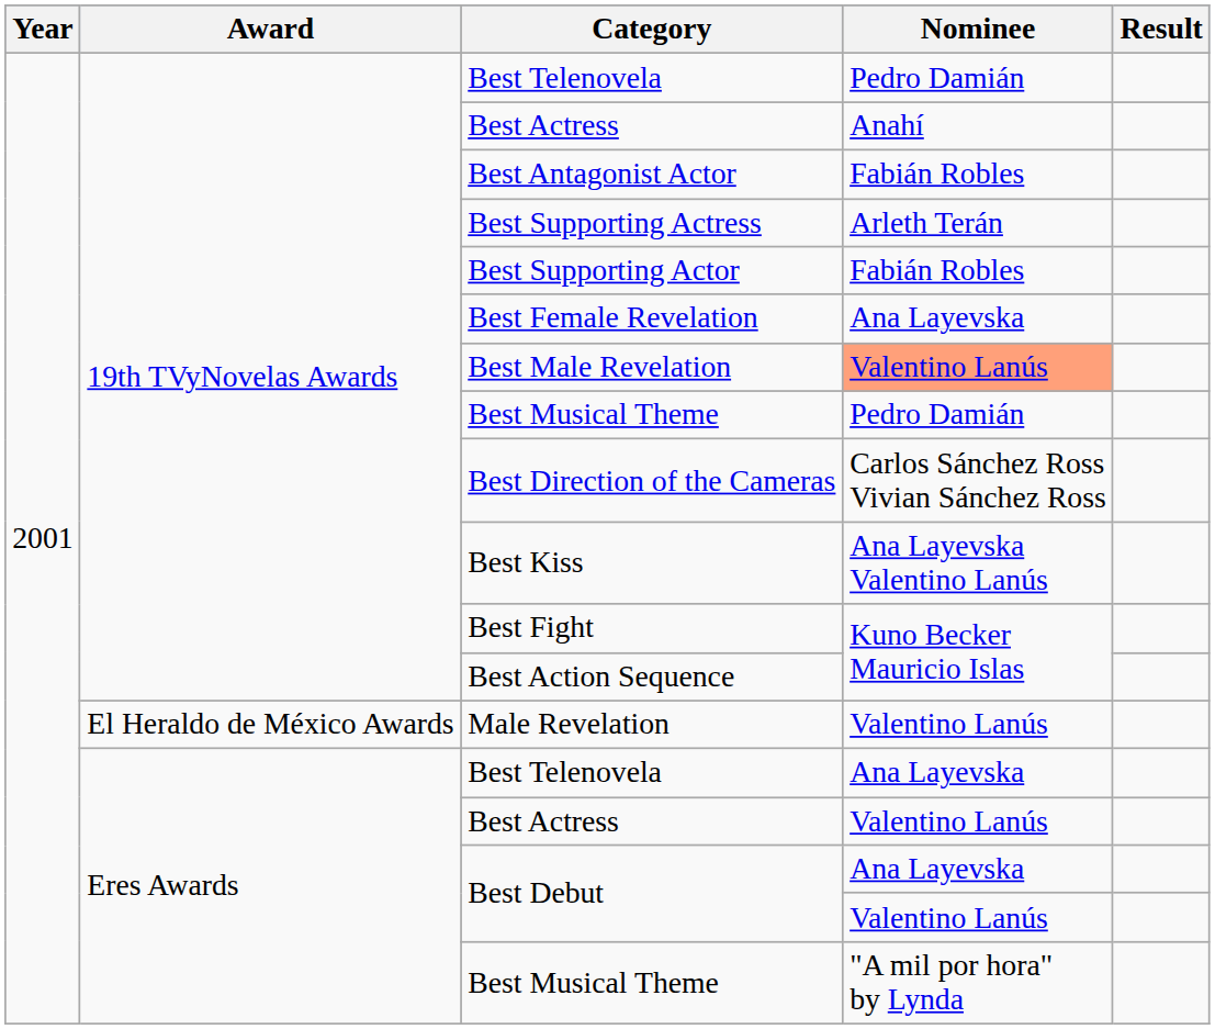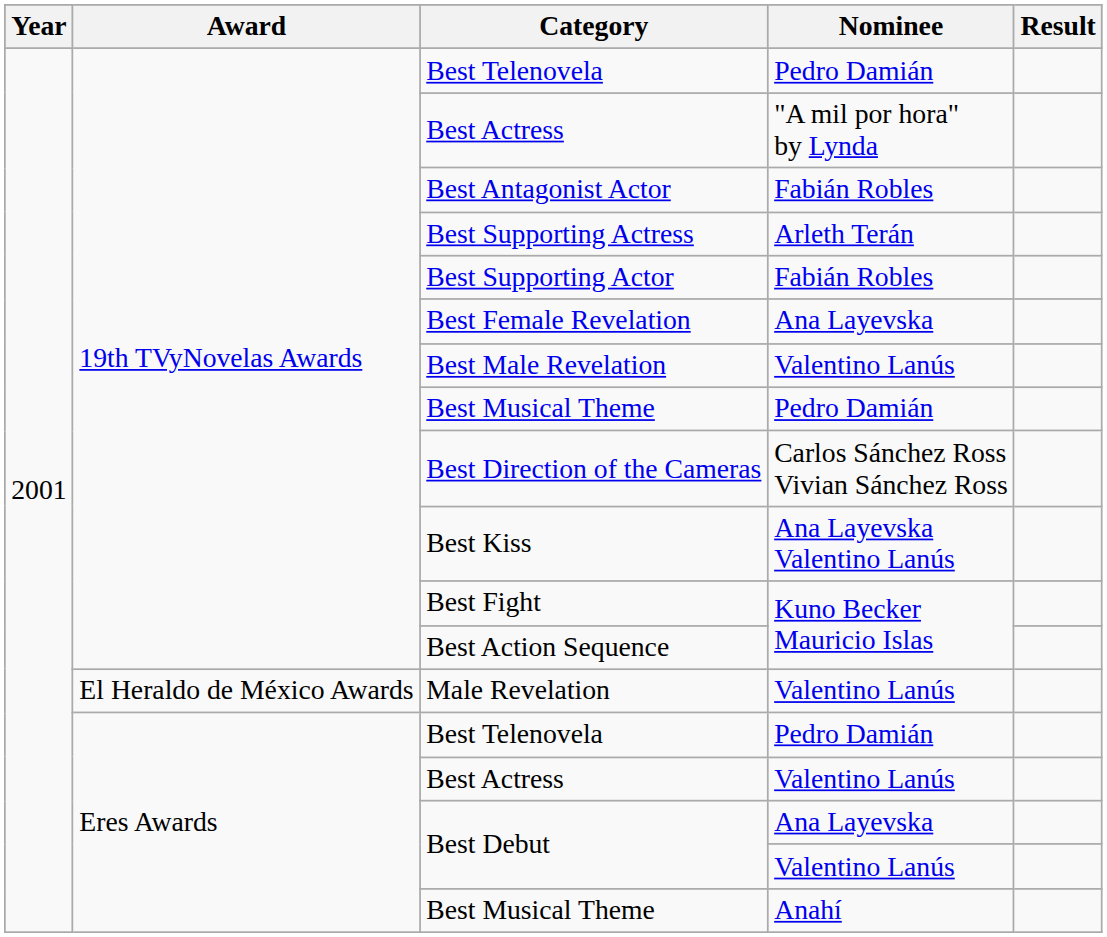 <table class="wikitable">
 <tr style="background:#b0c4de;">
 <th>Year</th>
 <th>Award</th>
 <th>Category</th>
 <th>Nominee</th>
 <th>Result</th>
 </tr>
 <tr>
 <td rowspan=18>2001</td>
 <td rowspan=12><a href='#'>19th TVyNovelas Awards</a></td>
 <td><a href='#'>Best Telenovela</a></td>
 <td><a href='#'>Pedro Damián</a></td>
 <td></td>
 </tr>
 <tr>
 <td><a href='#'>Best Actress</a></td>
-<td><a href='#'>Anahí</a></td>
+<td>"A mil por hora" <br> by <a href='#'>Lynda</a></td>
 <td></td>
 </tr>
 <tr>
 <td><a href='#'>Best Antagonist Actor</a></td>
 <td><a href='#'>Fabián Robles</a></td>
 <td></td>
 </tr>
 <tr>
 <td><a href='#'>Best Supporting Actress</a></td>
 <td><a href='#'>Arleth Terán</a></td>
 <td></td>
 </tr>
 <tr>
 <td><a href='#'>Best Supporting Actor</a></td>
 <td><a href='#'>Fabián Robles</a></td>
 <td></td>
 </tr>
 <tr>
 <td><a href='#'>Best Female Revelation</a></td>
 <td><a href='#'>Ana Layevska</a></td>
 <td></td>
 </tr>
 <tr>
 <td><a href='#'>Best Male Revelation</a></td>
-<td style="background: lightsalmon;"><a href='#'>Valentino Lanús</a></td>
+<td><a href='#'>Valentino Lanús</a></td>
 <td></td>
 </tr>
 <tr>
 <td><a href='#'>Best Musical Theme</a></td>
 <td><a href='#'>Pedro Damián</a></td>
 <td></td>
 </tr>
 <tr>
 <td><a href='#'>Best Direction of the Cameras</a></td>
 <td>Carlos Sánchez Ross <br> Vivian Sánchez Ross</td>
 <td></td>
 </tr>
 <tr>
 <td>Best Kiss</td>
 <td><a href='#'>Ana Layevska</a> <br> <a href='#'>Valentino Lanús</a></td>
 <td></td>
 </tr>
 <tr>
 <td>Best Fight</td>
 <td rowspan=2><a href='#'>Kuno Becker</a> <br> <a href='#'>Mauricio Islas</a></td>
 <td></td>
 </tr>
 <tr>
 <td>Best Action Sequence</td>
 <td></td>
 </tr>
 <tr>
 <td>El Heraldo de México Awards</td>
 <td>Male Revelation</td>
 <td><a href='#'>Valentino Lanús</a></td>
 <td></td>
 </tr>
 <tr>
 <td rowspan=5>Eres Awards</td>
 <td>Best Telenovela</td>
-<td><a href='#'>Ana Layevska</a></td>
+<td><a href='#'>Pedro Damián</a></td>
 <td></td>
 </tr>
 <tr>
 <td>Best Actress</td>
 <td><a href='#'>Valentino Lanús</a></td>
 <td></td>
 </tr>
 <tr>
 <td rowspan=2>Best Debut</td>
 <td><a href='#'>Ana Layevska</a></td>
 <td></td>
 </tr>
 <tr>
 <td><a href='#'>Valentino Lanús</a></td>
 <td></td>
 </tr>
 <tr>
 <td>Best Musical Theme</td>
-<td>"A mil por hora" <br> by <a href='#'>Lynda</a></td>
+<td><a href='#'>Anahí</a></td>
 <td></td>
 </tr>
 </table>
